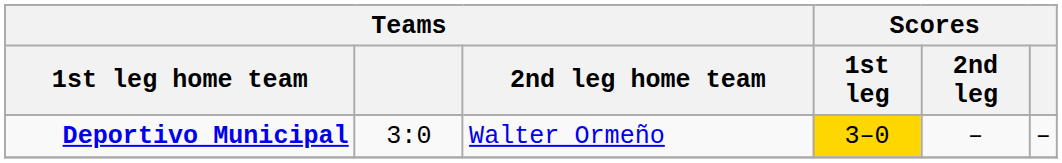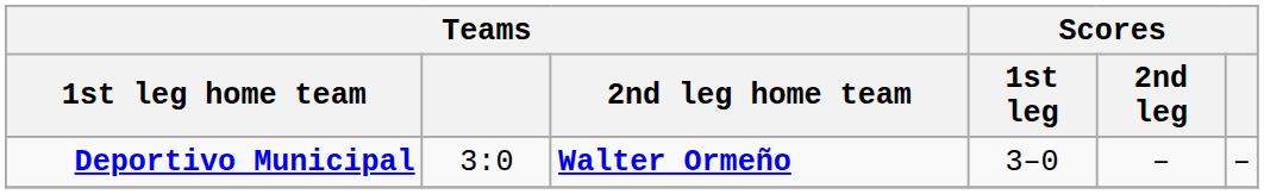 <table class="wikitable" style="text-align: center;">
 <tr>
 <th colspan=3>Teams</th>
 <th colspan=3>Scores</th>
 </tr>
 <tr>
 <th width="175">1st leg home team</th>
 <th width="50"></th>
 <th width="175">2nd leg home team</th>
 <th width="50">1st leg</th>
 <th width="50">2nd leg</th>
 <th></th>
 </tr>
 <tr>
 <td align=right><strong><a href='#'>Deportivo Municipal</a></strong></td>
 <td>3:0</td>
-<td align=left><a href='#'>Walter Ormeño</a></td>
-<td style="background: gold;">3–0</td>
+<td align=left><strong><a href='#'>Walter Ormeño</a></strong></td>
+<td>3–0</td>
 <td>–</td>
 <td>–</td>
 </tr>
 <tr>
 </tr>
 </table>
